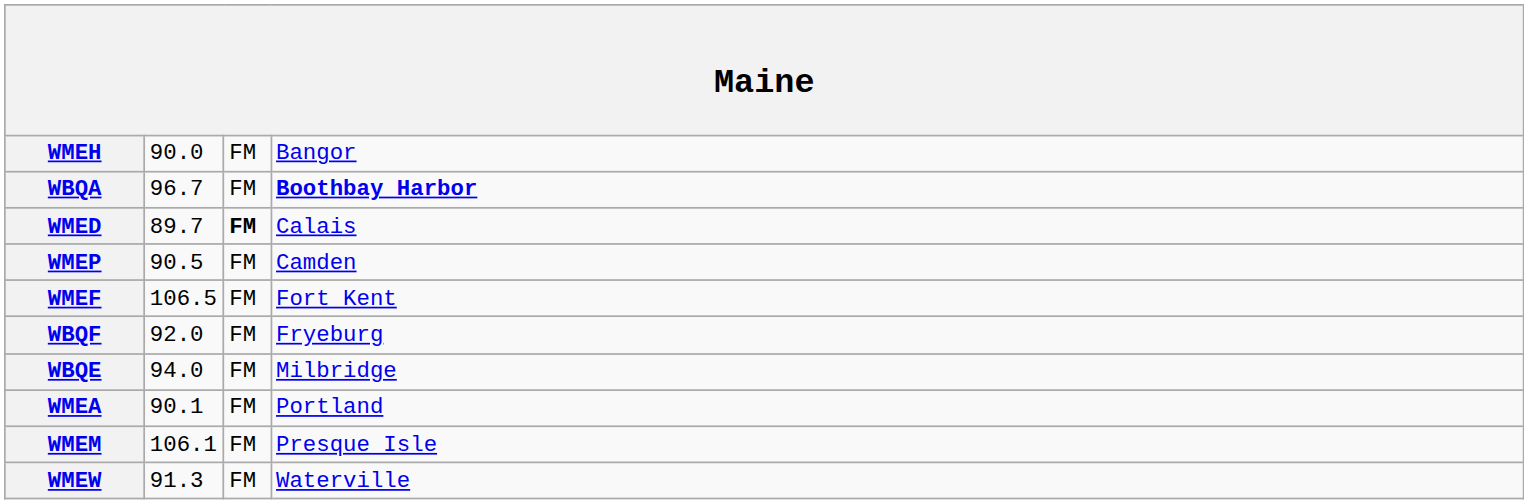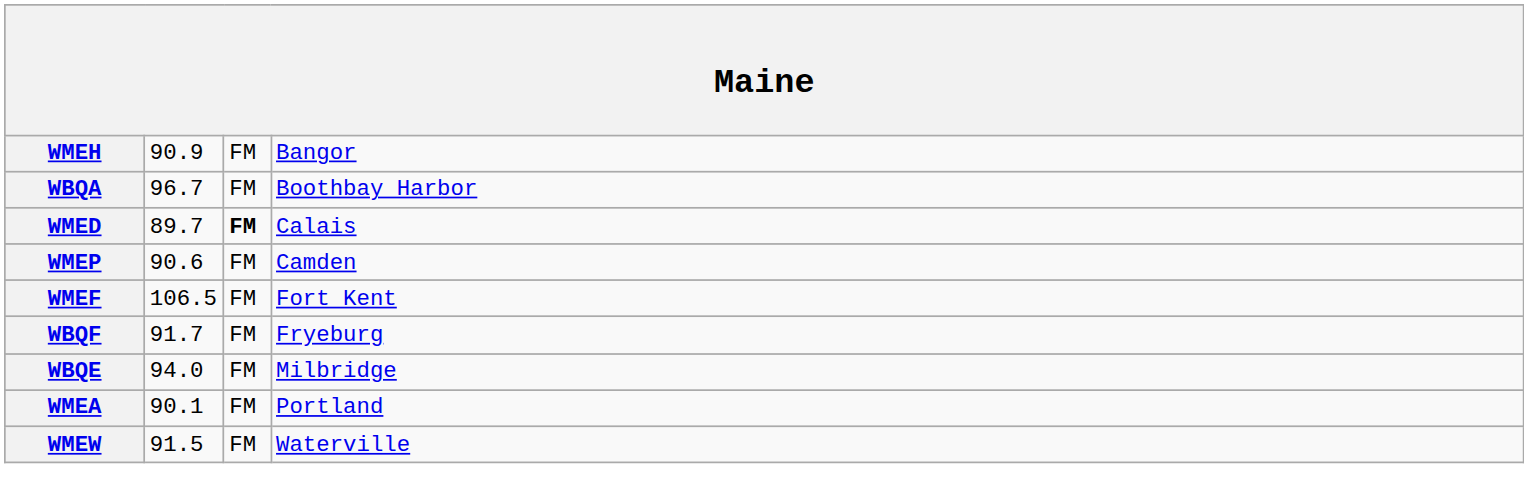 <table class="wikitable mw-collapsible" style="width:100%">
 <tr>
 <th scope="col" colspan="4"><br><h2>Maine</h2></th>
 </tr>
 <tr>
 <th scope="row" style="width: 75px;"><a href='#'>WMEH</a></th>
-<td style="width: 40px;">90.0</td>
+<td style="width: 40px;">90.9</td>
 <td style="width: 21px;">FM</td>
 <td><a href='#'>Bangor</a></td>
 </tr>
 <tr>
 <th scope="row"><a href='#'>WBQA</a></th>
 <td>96.7</td>
 <td>FM</td>
-<td><strong><a href='#'>Boothbay Harbor</a></strong></td>
+<td><a href='#'>Boothbay Harbor</a></td>
 </tr>
 <tr>
 <th scope="row"><a href='#'>WMED</a></th>
 <td>89.7</td>
 <td><strong>FM</strong></td>
 <td><a href='#'>Calais</a></td>
 </tr>
 <tr>
 <th scope="row"><a href='#'>WMEP</a></th>
-<td>90.5</td>
+<td>90.6</td>
 <td>FM</td>
 <td><a href='#'>Camden</a></td>
 </tr>
 <tr>
 <th scope="row"><a href='#'>WMEF</a></th>
 <td>106.5</td>
 <td>FM</td>
 <td><a href='#'>Fort Kent</a></td>
 </tr>
 <tr>
 <th scope="row"><a href='#'>WBQF</a></th>
-<td>92.0</td>
+<td>91.7</td>
 <td>FM</td>
 <td><a href='#'>Fryeburg</a></td>
 </tr>
 <tr>
 <th scope="row"><a href='#'>WBQE</a></th>
 <td>94.0</td>
 <td>FM</td>
 <td><a href='#'>Milbridge</a></td>
 </tr>
 <tr>
 <th scope="row"><a href='#'>WMEA</a></th>
 <td>90.1</td>
 <td>FM</td>
 <td><a href='#'>Portland</a></td>
 </tr>
 <tr>
-<th scope="row"><a href='#'>WMEM</a></th>
-<td>106.1</td>
-<td>FM</td>
-<td><a href='#'>Presque Isle</a></td>
-</tr>
-<tr>
 <th scope="row"><a href='#'>WMEW</a></th>
-<td>91.3</td>
+<td>91.5</td>
 <td>FM</td>
 <td><a href='#'>Waterville</a></td>
 </tr>
 </table>
